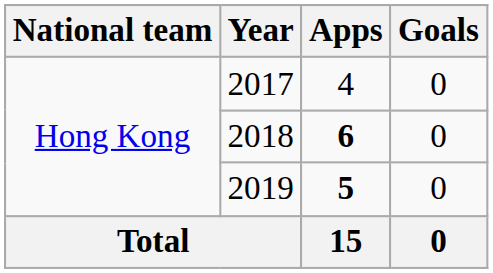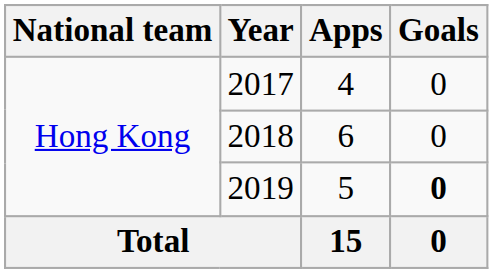 <table class="wikitable" style="text-align:center">
 <tr>
 <th>National team</th>
 <th>Year</th>
 <th>Apps</th>
 <th>Goals</th>
 </tr>
 <tr>
 <td rowspan="3"><a href='#'>Hong Kong</a></td>
 <td>2017</td>
 <td>4</td>
 <td>0</td>
 </tr>
 <tr>
 <td>2018</td>
-<td><strong>6</strong></td>
+<td>6</td>
 <td>0</td>
 </tr>
 <tr>
 <td>2019</td>
-<td><strong>5</strong></td>
-<td>0</td>
+<td>5</td>
+<td><strong>0</strong></td>
 </tr>
 <tr>
 <th colspan="2">Total</th>
 <th>15</th>
 <th>0</th>
 </tr>
 </table>
